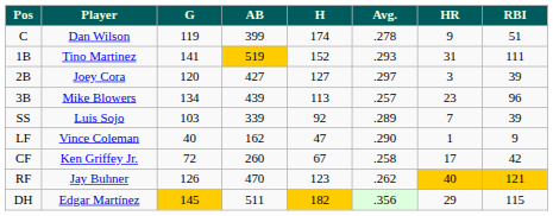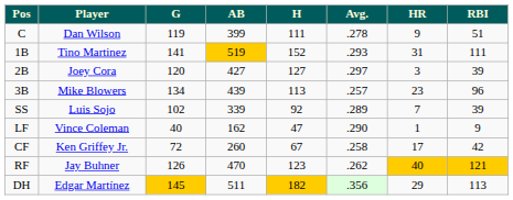 <table class="wikitable sortable">
 <tr>
 <th style=" background:#005c5c; color:#FFFDDD;" width="5%">Pos</th>
 <th style=" background:#005c5c; color:#FFFDDD;" width="16%">Player</th>
 <th style=" background:#005c5c; color:#FFFDDD;" width="9%">G</th>
 <th style=" background:#005c5c; color:#FFFDDD;" width="9%">AB</th>
 <th style=" background:#005c5c; color:#FFFDDD;" width="9%">H</th>
 <th style=" background:#005c5c; color:#FFFDDD;" width="9%">Avg.</th>
 <th style=" background:#005c5c; color:#FFFDDD;" width="9%">HR</th>
 <th style=" background:#005c5c; color:#FFFDDD;" width="9%">RBI</th>
 </tr>
 <tr align="center">
 <td>C</td>
 <td><a href='#'>Dan Wilson</a></td>
 <td>119</td>
 <td>399</td>
-<td>174</td>
+<td>111</td>
 <td>.278</td>
 <td>9</td>
 <td>51</td>
 </tr>
 <tr align="center">
 <td>1B</td>
 <td><a href='#'>Tino Martinez</a></td>
 <td>141</td>
 <td bgcolor="FFCC00">519</td>
 <td>152</td>
 <td>.293</td>
 <td>31</td>
 <td>111</td>
 </tr>
 <tr align="center">
 <td>2B</td>
 <td><a href='#'>Joey Cora</a></td>
 <td>120</td>
 <td>427</td>
 <td>127</td>
 <td>.297</td>
 <td>3</td>
 <td>39</td>
 </tr>
 <tr align="center">
 <td>3B</td>
 <td><a href='#'>Mike Blowers</a></td>
 <td>134</td>
 <td>439</td>
 <td>113</td>
 <td>.257</td>
 <td>23</td>
 <td>96</td>
 </tr>
 <tr align="center">
 <td>SS</td>
 <td><a href='#'>Luis Sojo</a></td>
-<td>103</td>
+<td>102</td>
 <td>339</td>
 <td>92</td>
 <td>.289</td>
 <td>7</td>
 <td>39</td>
 </tr>
 <tr align="center">
 <td>LF</td>
 <td><a href='#'>Vince Coleman</a></td>
 <td>40</td>
 <td>162</td>
 <td>47</td>
 <td>.290</td>
 <td>1</td>
 <td>9</td>
 </tr>
 <tr align="center">
 <td>CF</td>
 <td><a href='#'>Ken Griffey Jr.</a></td>
 <td>72</td>
 <td>260</td>
 <td>67</td>
 <td>.258</td>
 <td>17</td>
 <td>42</td>
 </tr>
 <tr align="center">
 <td>RF</td>
 <td><a href='#'>Jay Buhner</a></td>
 <td>126</td>
 <td>470</td>
 <td>123</td>
 <td>.262</td>
 <td bgcolor="FFCC00">40</td>
 <td bgcolor="FFCC00">121</td>
 </tr>
 <tr align="center">
 <td>DH</td>
 <td><a href='#'>Edgar Martínez</a></td>
 <td bgcolor="FFCC00">145</td>
 <td>511</td>
 <td bgcolor="FFCC00">182</td>
 <td style="background:#DDFFDD;">.356</td>
 <td>29</td>
-<td>115</td>
+<td>113</td>
 </tr>
 </table>
